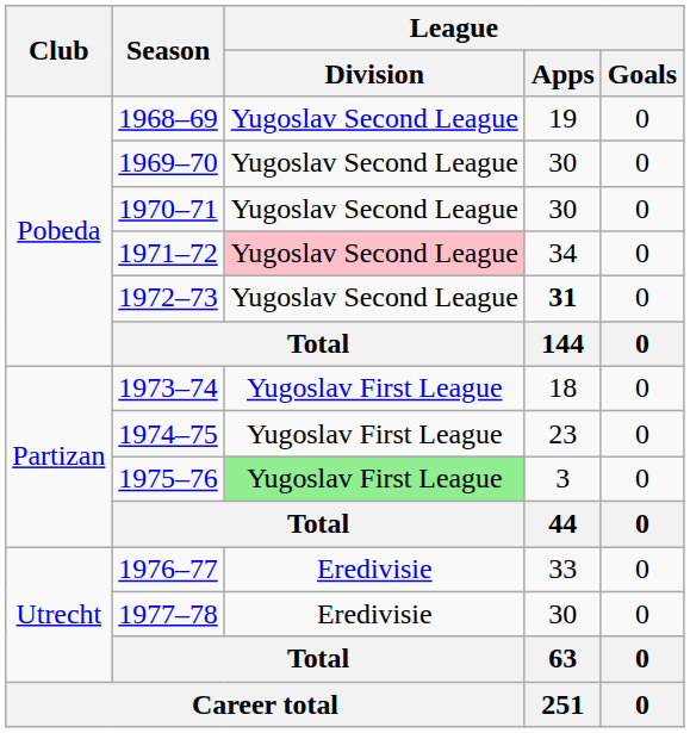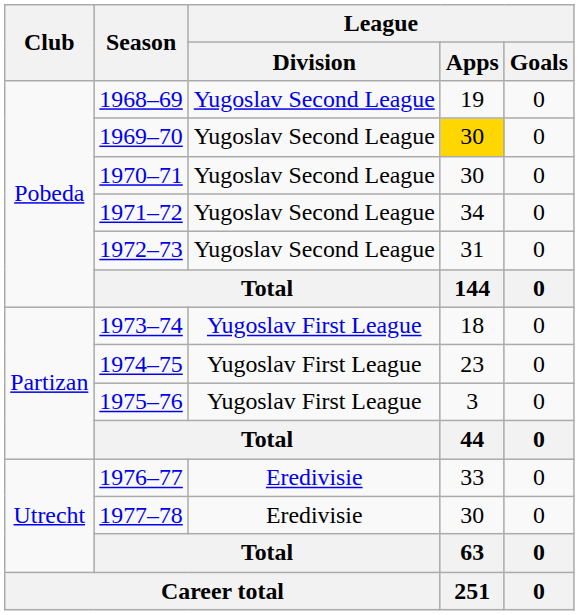 <table class="wikitable" style="text-align:center">
 <tr>
 <th rowspan="2">Club</th>
 <th rowspan="2">Season</th>
 <th colspan="3">League</th>
 </tr>
 <tr>
 <th>Division</th>
 <th>Apps</th>
 <th>Goals</th>
 </tr>
 <tr>
 <td rowspan="6"><a href='#'>Pobeda</a></td>
 <td><a href='#'>1968–69</a></td>
 <td><a href='#'>Yugoslav Second League</a></td>
 <td>19</td>
 <td>0</td>
 </tr>
 <tr>
 <td><a href='#'>1969–70</a></td>
 <td>Yugoslav Second League</td>
-<td>30</td>
+<td style="background: gold;">30</td>
 <td>0</td>
 </tr>
 <tr>
 <td><a href='#'>1970–71</a></td>
 <td>Yugoslav Second League</td>
 <td>30</td>
 <td>0</td>
 </tr>
 <tr>
 <td><a href='#'>1971–72</a></td>
-<td style="background: pink;">Yugoslav Second League</td>
+<td>Yugoslav Second League</td>
 <td>34</td>
 <td>0</td>
 </tr>
 <tr>
 <td><a href='#'>1972–73</a></td>
 <td>Yugoslav Second League</td>
-<td><strong>31</strong></td>
+<td>31</td>
 <td>0</td>
 </tr>
 <tr>
 <th colspan="2">Total</th>
 <th>144</th>
 <th>0</th>
 </tr>
 <tr>
 <td rowspan="4"><a href='#'>Partizan</a></td>
 <td><a href='#'>1973–74</a></td>
 <td><a href='#'>Yugoslav First League</a></td>
 <td>18</td>
 <td>0</td>
 </tr>
 <tr>
 <td><a href='#'>1974–75</a></td>
 <td>Yugoslav First League</td>
 <td>23</td>
 <td>0</td>
 </tr>
 <tr>
 <td><a href='#'>1975–76</a></td>
-<td style="background: lightgreen;">Yugoslav First League</td>
+<td>Yugoslav First League</td>
 <td>3</td>
 <td>0</td>
 </tr>
 <tr>
 <th colspan="2">Total</th>
 <th>44</th>
 <th>0</th>
 </tr>
 <tr>
 <td rowspan="3"><a href='#'>Utrecht</a></td>
 <td><a href='#'>1976–77</a></td>
 <td><a href='#'>Eredivisie</a></td>
 <td>33</td>
 <td>0</td>
 </tr>
 <tr>
 <td><a href='#'>1977–78</a></td>
 <td>Eredivisie</td>
 <td>30</td>
 <td>0</td>
 </tr>
 <tr>
 <th colspan="2">Total</th>
 <th>63</th>
 <th>0</th>
 </tr>
 <tr>
 <th colspan="3">Career total</th>
 <th>251</th>
 <th>0</th>
 </tr>
 </table>
